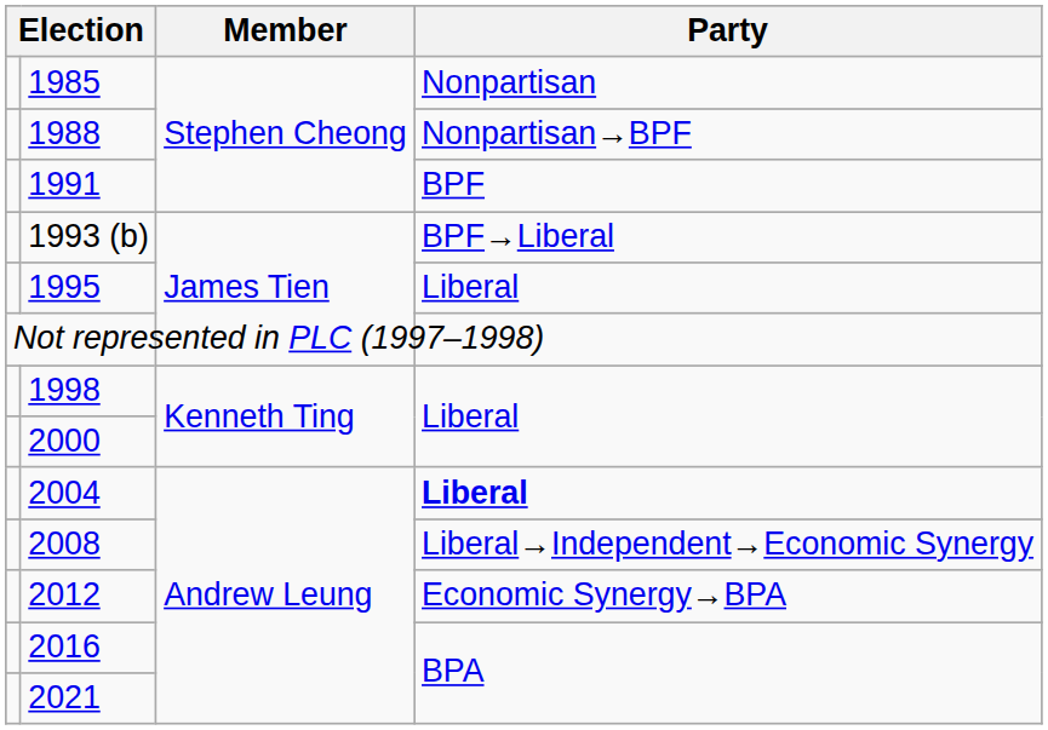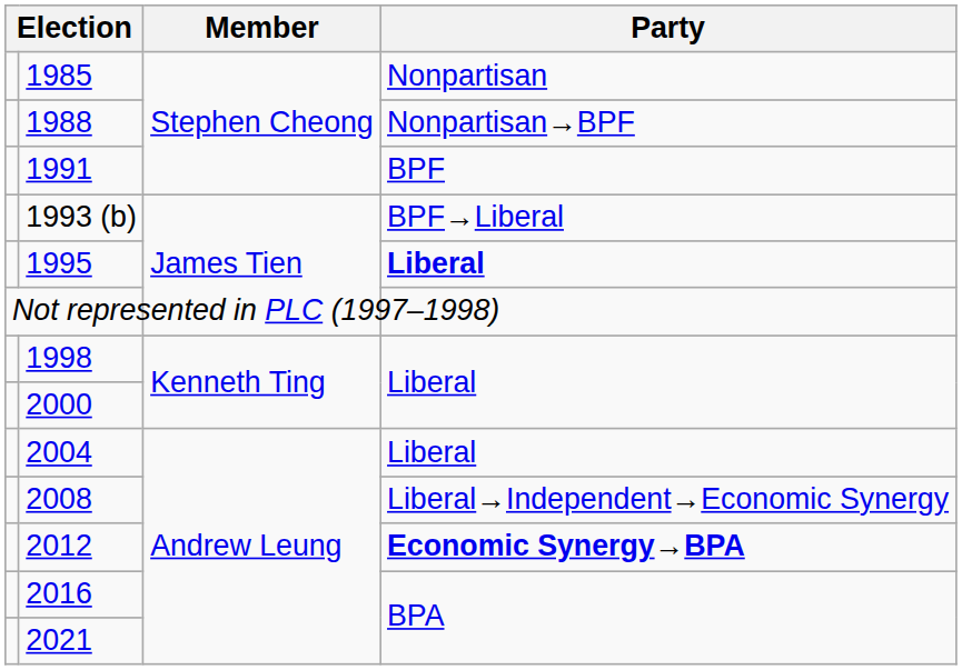 <table class="wikitable">
 <tr>
 <th colspan="2">Election</th>
 <th>Member</th>
 <th>Party</th>
 </tr>
 <tr>
 <td style="background-color: "></td>
 <td><a href='#'>1985</a></td>
 <td rowspan="3"><a href='#'>Stephen Cheong</a></td>
 <td><a href='#'>Nonpartisan</a></td>
 </tr>
 <tr>
 <td style="background-color: "></td>
 <td><a href='#'>1988</a></td>
 <td><a href='#'>Nonpartisan</a>→<a href='#'>BPF</a></td>
 </tr>
 <tr>
 <td style="background-color: "></td>
 <td><a href='#'>1991</a></td>
 <td><a href='#'>BPF</a></td>
 </tr>
 <tr>
 <td style="background-color: "></td>
 <td>1993 (b)</td>
 <td rowspan="3"><a href='#'>James Tien</a></td>
 <td><a href='#'>BPF</a>→<a href='#'>Liberal</a></td>
 </tr>
 <tr>
 <td style="background-color: "></td>
 <td><a href='#'>1995</a></td>
-<td><a href='#'>Liberal</a></td>
+<td><strong><a href='#'>Liberal</a></strong></td>
 </tr>
 <tr>
 <td colspan="4"><em>Not represented in <a href='#'>PLC</a> (1997–1998)</em></td>
 </tr>
 <tr>
 <td style="background-color: "></td>
 <td><a href='#'>1998</a></td>
 <td rowspan="2"><a href='#'>Kenneth Ting</a></td>
 <td rowspan="2"><a href='#'>Liberal</a></td>
 </tr>
 <tr>
 <td style="background-color: "></td>
 <td><a href='#'>2000</a></td>
 </tr>
 <tr>
 <td style="background-color: "></td>
 <td><a href='#'>2004</a></td>
 <td rowspan="8"><a href='#'>Andrew Leung</a></td>
-<td rowspan="1"><strong><a href='#'>Liberal</a></strong></td>
+<td rowspan="1"><a href='#'>Liberal</a></td>
 </tr>
 <tr>
 <td style="background-color: "></td>
 <td><a href='#'>2008</a></td>
 <td><a href='#'>Liberal</a>→<a href='#'>Independent</a>→<a href='#'>Economic Synergy</a></td>
 </tr>
 <tr>
 <td style="background-color: "></td>
 <td><a href='#'>2012</a></td>
-<td><a href='#'>Economic Synergy</a>→<a href='#'>BPA</a></td>
+<td><strong><a href='#'>Economic Synergy</a>→<a href='#'>BPA</a></strong></td>
 </tr>
 <tr>
 <td style="background-color: "></td>
 <td><a href='#'>2016</a></td>
 <td rowspan="2"><a href='#'>BPA</a></td>
 </tr>
 <tr>
 <td style="background-color: "></td>
 <td><a href='#'>2021</a></td>
 </tr>
 </table>
